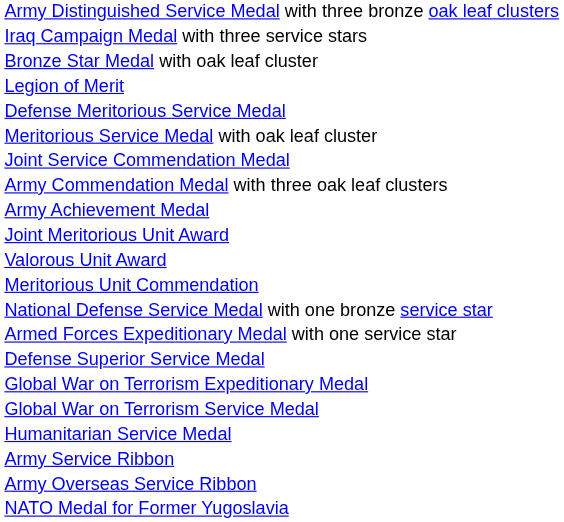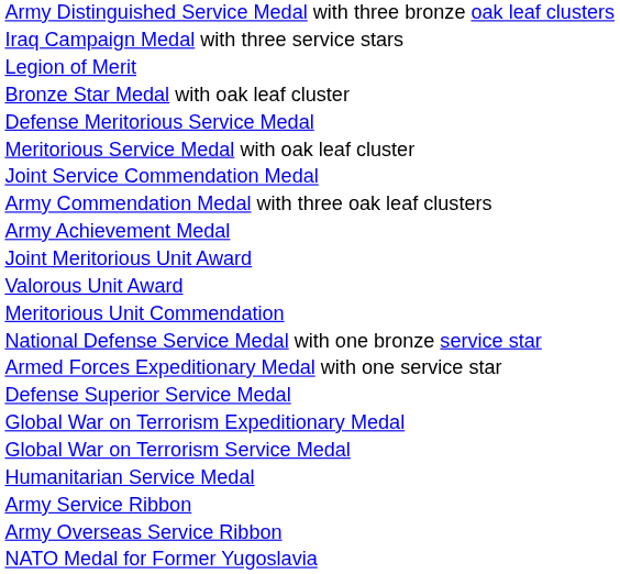 <table>
 <tr>
 <td><span></span><span></span><span></span> <a href='#'>Army Distinguished Service Medal</a> with three bronze <a href='#'>oak leaf clusters</a></td>
 </tr>
 <tr>
 <td><span></span><span></span><span></span> <a href='#'>Iraq Campaign Medal</a> with three service stars</td>
 </tr>
 <tr>
-<td> <a href='#'>Bronze Star Medal</a> with oak leaf cluster</td>
+<td> <a href='#'>Legion of Merit</a></td>
 </tr>
 <tr>
-<td> <a href='#'>Legion of Merit</a></td>
+<td> <a href='#'>Bronze Star Medal</a> with oak leaf cluster</td>
 </tr>
 <tr>
 <td> <a href='#'>Defense Meritorious Service Medal</a></td>
 </tr>
 <tr>
 <td> <a href='#'>Meritorious Service Medal</a> with oak leaf cluster</td>
 </tr>
 <tr>
 <td> <a href='#'>Joint Service Commendation Medal</a></td>
 </tr>
 <tr>
 <td><span></span><span></span><span></span> <a href='#'>Army Commendation Medal</a> with three oak leaf clusters</td>
 </tr>
 <tr>
 <td> <a href='#'>Army Achievement Medal</a></td>
 </tr>
 <tr>
 <td> <a href='#'>Joint Meritorious Unit Award</a></td>
 </tr>
 <tr>
 <td> <a href='#'>Valorous Unit Award</a></td>
 </tr>
 <tr>
 <td> <a href='#'>Meritorious Unit Commendation</a></td>
 </tr>
 <tr>
 <td> <a href='#'>National Defense Service Medal</a> with one bronze <a href='#'>service star</a></td>
 </tr>
 <tr>
 <td> <a href='#'>Armed Forces Expeditionary Medal</a> with one service star</td>
 </tr>
 <tr>
 <td> <a href='#'>Defense Superior Service Medal</a></td>
 </tr>
 <tr>
 <td> <a href='#'>Global War on Terrorism Expeditionary Medal</a></td>
 </tr>
 <tr>
 <td> <a href='#'>Global War on Terrorism Service Medal</a></td>
 </tr>
 <tr>
 <td> <a href='#'>Humanitarian Service Medal</a></td>
 </tr>
 <tr>
 <td> <a href='#'>Army Service Ribbon</a></td>
 </tr>
 <tr>
 <td> <a href='#'>Army Overseas Service Ribbon</a></td>
 </tr>
 <tr>
 <td> <a href='#'>NATO Medal for Former Yugoslavia</a></td>
 </tr>
 </table>
